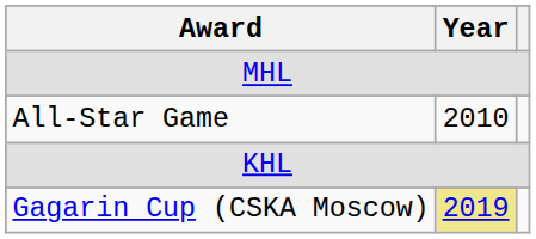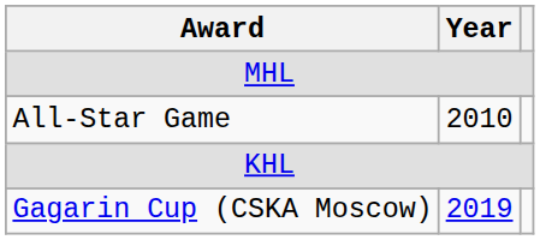 <table class="wikitable">
 <tr>
 <th>Award</th>
 <th>Year</th>
 <th></th>
 </tr>
 <tr ALIGN="center" bgcolor="#e0e0e0">
 <td colspan="3"><a href='#'>MHL</a></td>
 </tr>
 <tr>
 <td>All-Star Game</td>
 <td>2010</td>
 <td></td>
 </tr>
 <tr ALIGN="center" bgcolor="#e0e0e0">
 <td colspan="3"><a href='#'>KHL</a></td>
 </tr>
 <tr>
 <td><a href='#'>Gagarin Cup</a> (CSKA Moscow)</td>
-<td style="background: khaki;"><a href='#'>2019</a></td>
+<td><a href='#'>2019</a></td>
 <td></td>
 </tr>
 </table>
